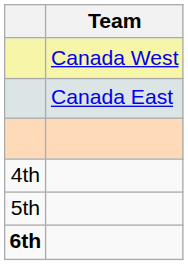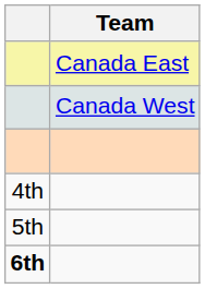 <table class="wikitable" style="text-align:center">
 <tr>
 <th width=15></th>
 <th>Team</th>
 </tr>
 <tr style="background:#f7f6a8;">
 <td style="text-align:center; height:23px;"></td>
-<td align=left> <a href='#'>Canada West</a></td>
+<td align=left> <a href='#'>Canada East</a></td>
 </tr>
 <tr style="background:#dce5e5;">
 <td style="text-align:center; height:23px;"></td>
-<td align=left> <a href='#'>Canada East</a></td>
+<td align=left> <a href='#'>Canada West</a></td>
 </tr>
 <tr style="background:#ffdab9;">
 <td style="text-align:center; height:23px;"></td>
 <td align=left></td>
 </tr>
 <tr>
 <td>4th</td>
 <td align=left></td>
 </tr>
 <tr>
 <td>5th</td>
 <td align=left></td>
 </tr>
 <tr>
 <td><strong>6th</strong></td>
 <td align=left></td>
 </tr>
 </table>
